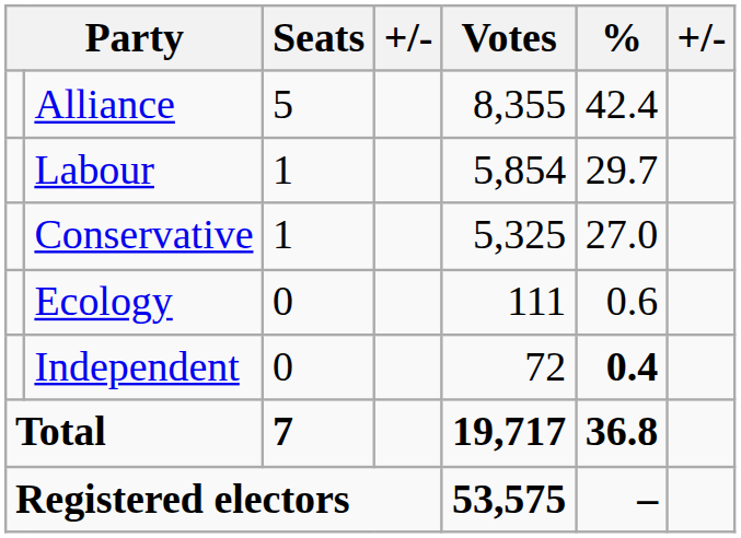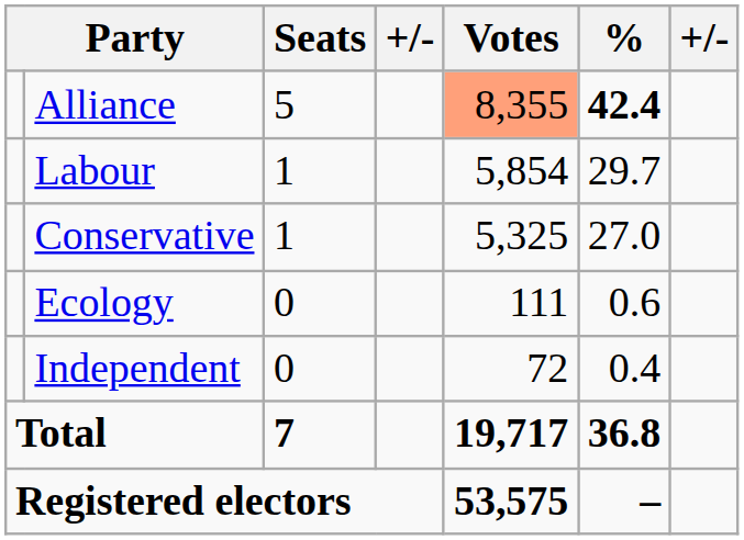 <table class="wikitable sortable">
 <tr>
 <th colspan="2">Party</th>
 <th>Seats</th>
 <th>+/-</th>
 <th>Votes</th>
 <th>%</th>
 <th>+/-</th>
 </tr>
 <tr>
 <td style="background-color: "></td>
 <td><a href='#'>Alliance</a></td>
 <td>5</td>
 <td></td>
-<td style="text-align:right;">8,355</td>
-<td style="text-align:right;">42.4</td>
+<td style="background: lightsalmon; text-align:right;">8,355</td>
+<td style="text-align:right;"><strong>42.4</strong></td>
 <td style="text-align:right;"></td>
 </tr>
 <tr>
 <td style="background-color: "></td>
 <td><a href='#'>Labour</a></td>
 <td>1</td>
 <td></td>
 <td style="text-align:right;">5,854</td>
 <td style="text-align:right;">29.7</td>
 <td style="text-align:right;"></td>
 </tr>
 <tr>
 <td style="background-color: "></td>
 <td><a href='#'>Conservative</a></td>
 <td>1</td>
 <td></td>
 <td style="text-align:right;">5,325</td>
 <td style="text-align:right;">27.0</td>
 <td style="text-align:right;"></td>
 </tr>
 <tr>
 <td style="background-color: "></td>
 <td><a href='#'>Ecology</a></td>
 <td>0</td>
 <td></td>
 <td style="text-align:right;">111</td>
 <td style="text-align:right;">0.6</td>
 <td style="text-align:right;"></td>
 </tr>
 <tr>
 <td style="background-color: "></td>
 <td><a href='#'>Independent</a></td>
 <td>0</td>
 <td></td>
 <td style="text-align:right;">72</td>
-<td style="text-align:right;"><strong>0.4</strong></td>
+<td style="text-align:right;">0.4</td>
 <td style="text-align:right;"></td>
 </tr>
 <tr>
 <td colspan="2"><strong>Total</strong></td>
 <td><strong>7</strong></td>
 <td></td>
 <td style="text-align:right;"><strong>19,717</strong></td>
 <td style="text-align:right;"><strong>36.8</strong></td>
 <td style="text-align:right;"></td>
 </tr>
 <tr>
 <td colspan="4"><strong>Registered electors</strong></td>
 <td style="text-align:right;"><strong>53,575</strong></td>
 <td style="text-align:right;"><strong>–</strong></td>
 <td style="text-align:right;"></td>
 </tr>
 </table>
